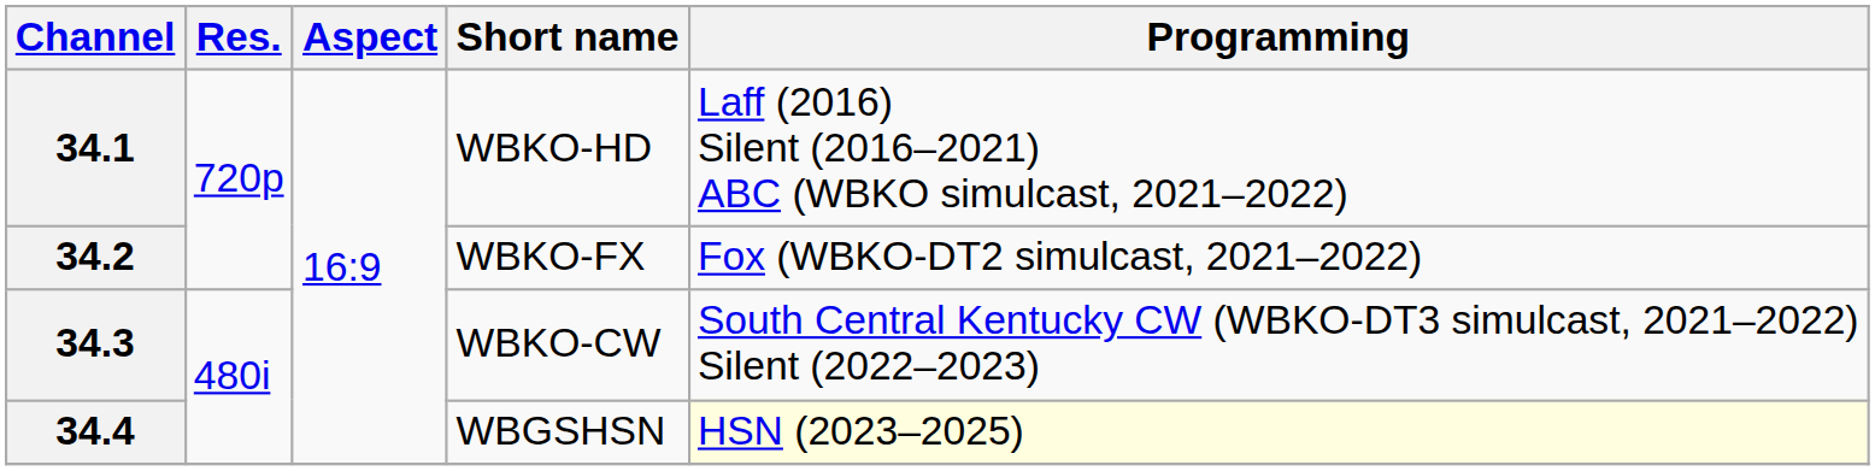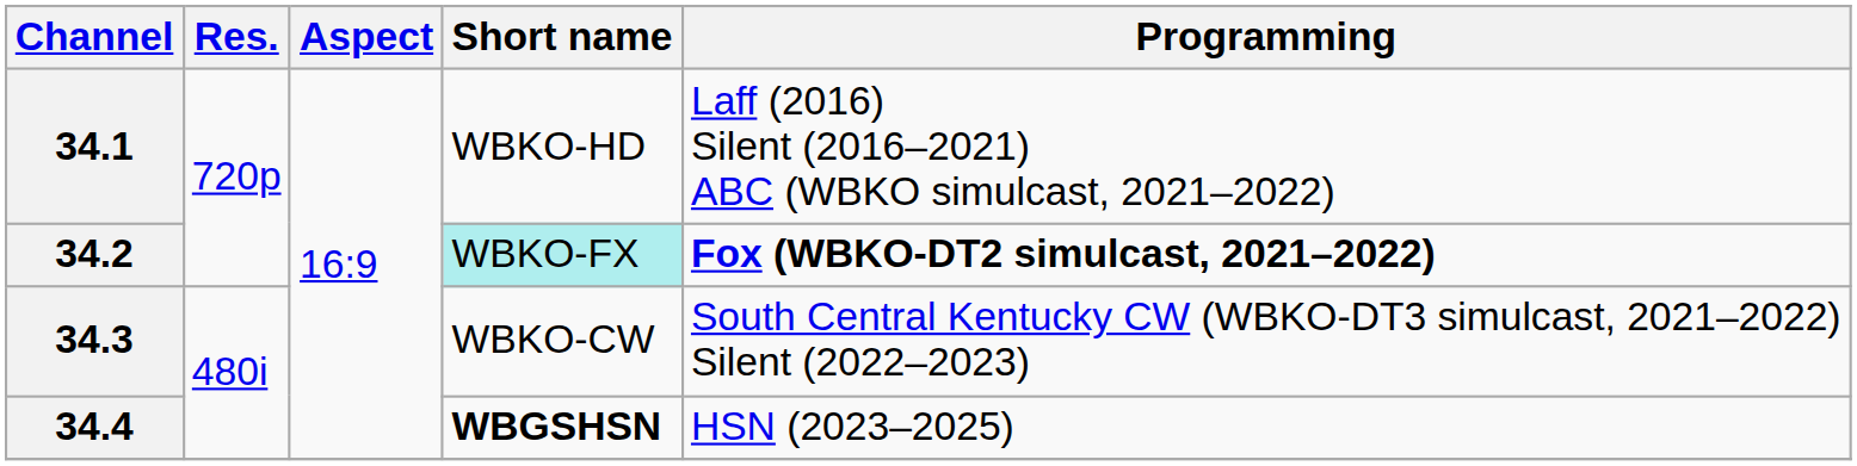 <table class="wikitable">
 <tr>
 <th scope = "col"><a href='#'>Channel</a></th>
 <th scope = "col"><a href='#'>Res.</a></th>
 <th scope = "col"><a href='#'>Aspect</a></th>
 <th scope = "col">Short name</th>
 <th scope = "col">Programming</th>
 </tr>
 <tr>
 <th scope = "row">34.1</th>
 <td rowspan="2"><a href='#'>720p</a></td>
 <td rowspan="4"><a href='#'>16:9</a></td>
 <td>WBKO-HD</td>
 <td><a href='#'>Laff</a> (2016) <br>Silent (2016–2021)<br><a href='#'>ABC</a> (WBKO simulcast, 2021–2022)</td>
 </tr>
 <tr>
 <th scope = "row">34.2</th>
-<td>WBKO-FX</td>
-<td><a href='#'>Fox</a> (WBKO-DT2 simulcast, 2021–2022)</td>
+<td style="background: paleturquoise;">WBKO-FX</td>
+<td><strong><a href='#'>Fox</a> (WBKO-DT2 simulcast, 2021–2022)</strong></td>
 </tr>
 <tr>
 <th scope = "row">34.3</th>
 <td rowspan="2"><a href='#'>480i</a></td>
 <td>WBKO-CW</td>
 <td><a href='#'>South Central Kentucky CW</a> (WBKO-DT3 simulcast, 2021–2022)<br>Silent (2022–2023)</td>
 </tr>
 <tr>
 <th scope = "row">34.4</th>
-<td>WBGSHSN</td>
-<td style="background: lightyellow;"><a href='#'>HSN</a> (2023–2025)</td>
+<td><strong>WBGSHSN</strong></td>
+<td><a href='#'>HSN</a> (2023–2025)</td>
 </tr>
 <tr>
 </tr>
 </table>
